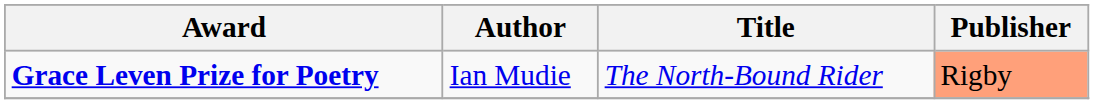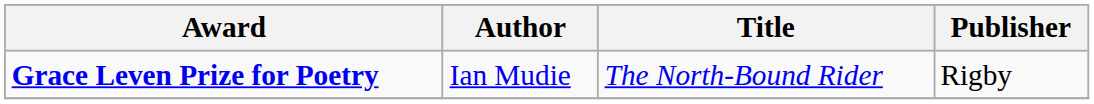 <table class="wikitable" width=95%>
 <tr>
 <th>Award</th>
 <th>Author</th>
 <th>Title</th>
 <th>Publisher</th>
 </tr>
 <tr>
 <td><strong><a href='#'>Grace Leven Prize for Poetry</a></strong></td>
 <td><a href='#'>Ian Mudie</a></td>
 <td><em><a href='#'>The North-Bound Rider</a></em></td>
-<td style="background: lightsalmon;">Rigby</td>
+<td>Rigby</td>
 </tr>
 <tr>
 </tr>
 </table>
